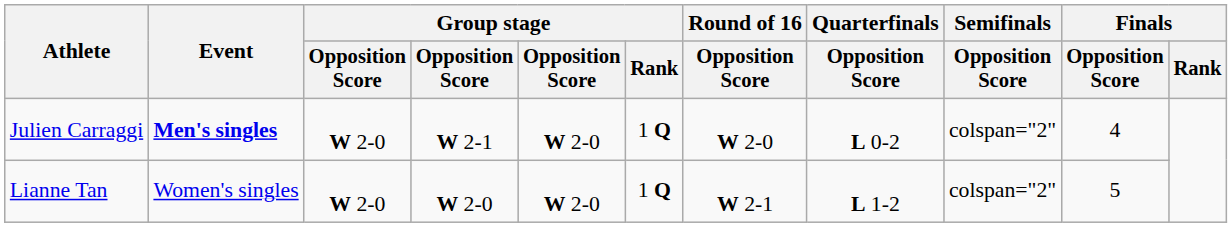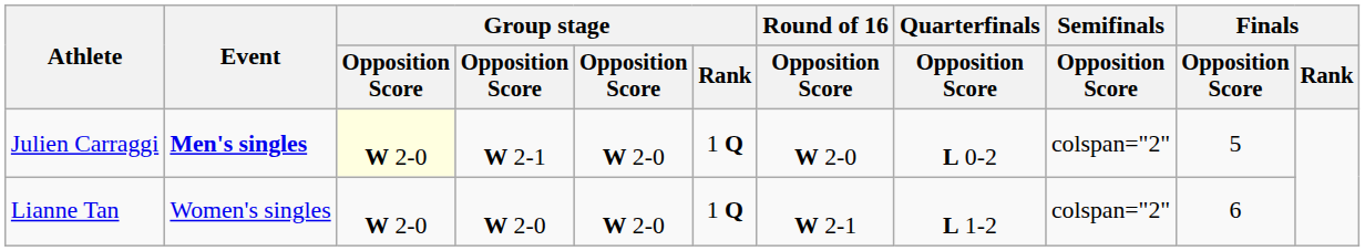 <table class=wikitable style="font-size:90%; text-align:center">
 <tr>
 <th rowspan="2">Athlete</th>
 <th rowspan="2">Event</th>
 <th colspan="4">Group stage</th>
 <th>Round of 16</th>
 <th>Quarterfinals</th>
 <th>Semifinals</th>
 <th colspan="2">Finals</th>
 </tr>
 <tr style="font-size:95%">
 <th>Opposition<br>Score</th>
 <th>Opposition<br>Score</th>
 <th>Opposition<br>Score</th>
 <th>Rank</th>
 <th>Opposition<br>Score</th>
 <th>Opposition<br>Score</th>
 <th>Opposition<br>Score</th>
 <th>Opposition<br>Score</th>
 <th>Rank</th>
 </tr>
 <tr>
 <td align="left"><a href='#'>Julien Carraggi</a></td>
 <td align="left"><strong><a href='#'>Men's singles</a></strong></td>
-<td><br><strong>W</strong> 2-0</td>
+<td style="background: lightyellow;"><br><strong>W</strong> 2-0</td>
 <td><br><strong>W</strong> 2-1</td>
 <td><br><strong>W</strong> 2-0</td>
 <td>1 <strong>Q</strong></td>
 <td><br><strong>W</strong> 2-0</td>
 <td><br> <strong>L</strong> 0-2</td>
 <td>colspan="2" </td>
-<td>4</td>
+<td>5</td>
 </tr>
 <tr>
 <td align="left"><a href='#'>Lianne Tan</a></td>
 <td align="left"><a href='#'>Women's singles</a></td>
 <td><br><strong>W</strong> 2-0</td>
 <td><br><strong>W</strong> 2-0</td>
 <td><br><strong>W</strong> 2-0</td>
 <td>1 <strong>Q</strong></td>
 <td><br><strong>W</strong> 2-1</td>
 <td><br><strong>L</strong> 1-2</td>
 <td>colspan="2" </td>
-<td>5</td>
+<td>6</td>
 </tr>
 </table>
